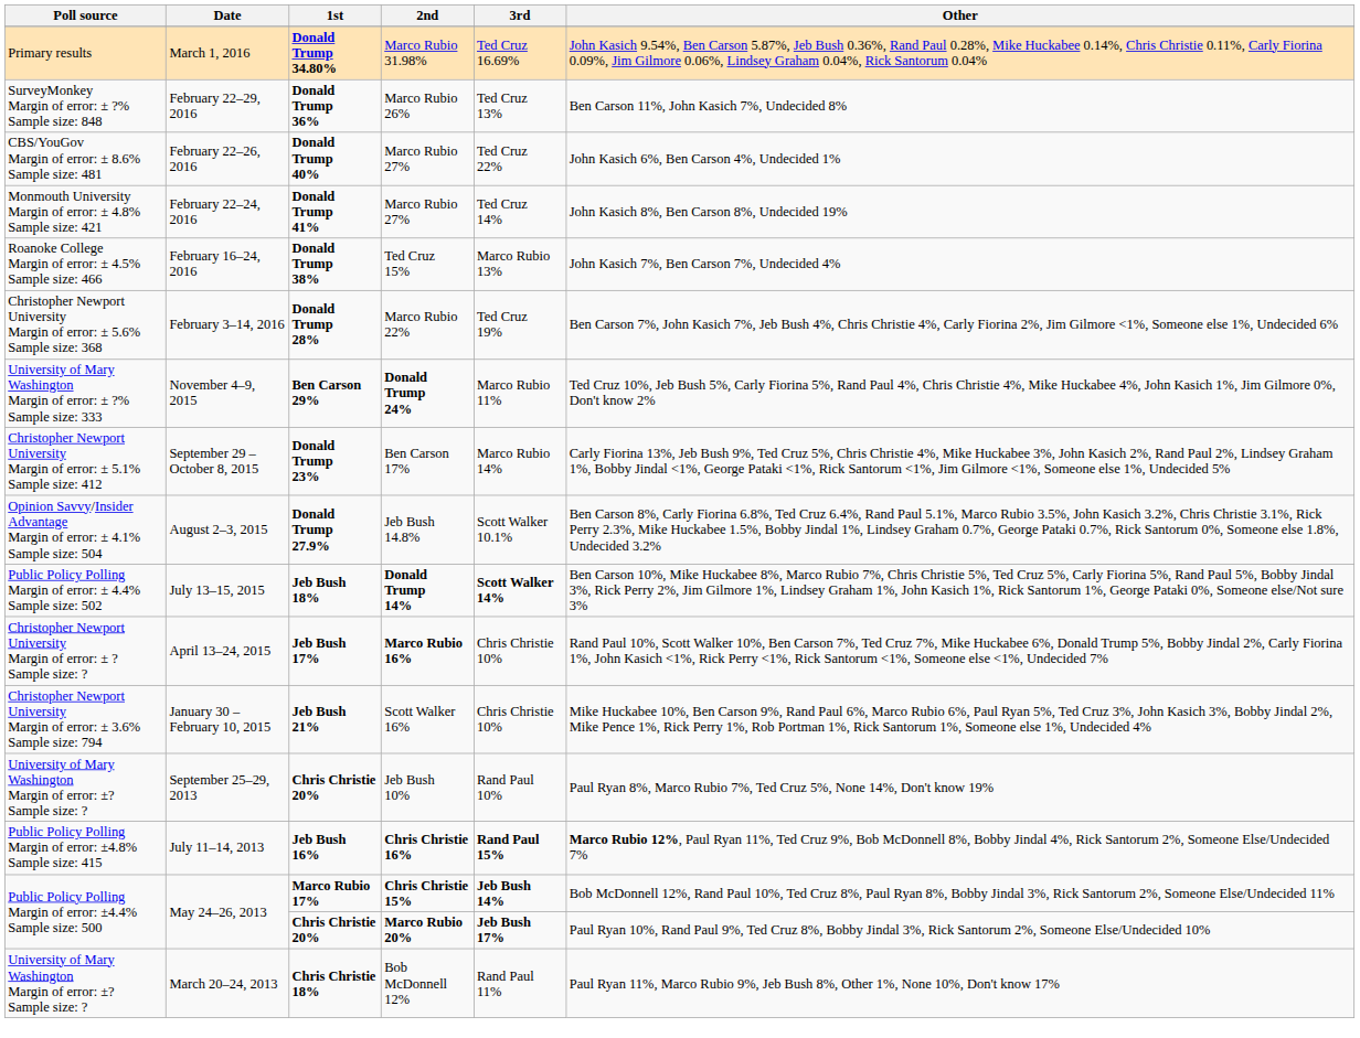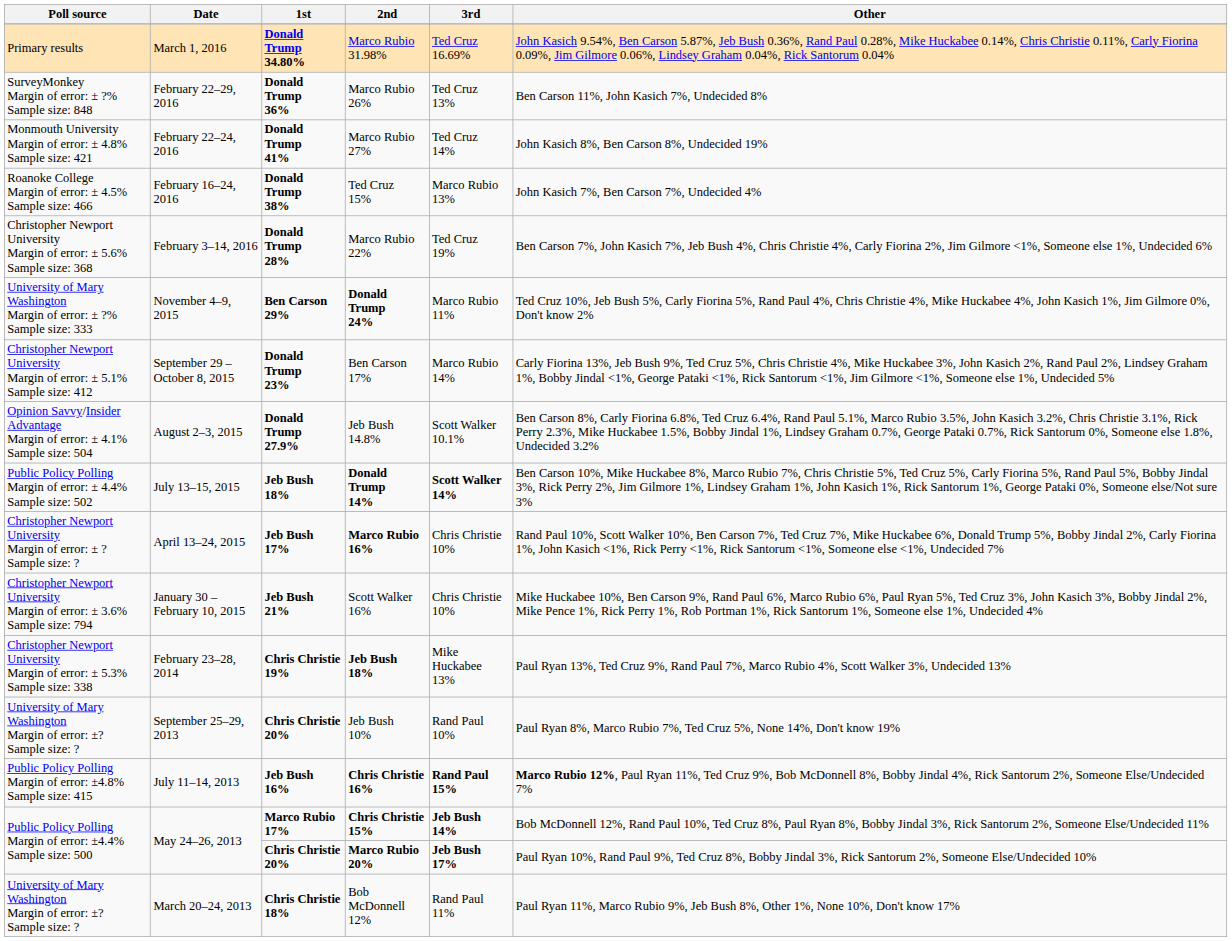 <table class="wikitable">
 <tr>
 <th style="width:180px;">Poll source</th>
 <th style="width:135px;">Date</th>
 <th style="width:100px;">1st</th>
 <th style="width:100px;">2nd</th>
 <th style="width:100px;">3rd</th>
 <th>Other</th>
 </tr>
 <tr>
 </tr>
 <tr style="background:Moccasin;">
 <td>Primary results</td>
 <td>March 1, 2016</td>
 <td><strong><a href='#'>Donald Trump</a><br>34.80%</strong></td>
 <td><a href='#'>Marco Rubio</a><br>31.98%</td>
 <td><a href='#'>Ted Cruz</a><br>16.69%</td>
 <td><a href='#'>John Kasich</a> 9.54%, <a href='#'>Ben Carson</a> 5.87%, <a href='#'>Jeb Bush</a> 0.36%, <a href='#'>Rand Paul</a> 0.28%, <a href='#'>Mike Huckabee</a> 0.14%, <a href='#'>Chris Christie</a> 0.11%, <a href='#'>Carly Fiorina</a> 0.09%, <a href='#'>Jim Gilmore</a> 0.06%, <a href='#'>Lindsey Graham</a> 0.04%, <a href='#'>Rick Santorum</a> 0.04%</td>
 </tr>
 <tr>
 <td>SurveyMonkey<br>Margin of error: ± ?% Sample size: 848</td>
 <td>February 22–29, 2016</td>
 <td><strong>Donald Trump<br>36%</strong></td>
 <td>Marco Rubio<br>26%</td>
 <td>Ted Cruz<br>13%</td>
 <td>Ben Carson 11%, John Kasich 7%, Undecided 8%</td>
-</tr>
-<tr>
-<td>CBS/YouGov<br>Margin of error: ± 8.6% Sample size: 481</td>
-<td>February 22–26, 2016</td>
-<td><strong>Donald Trump<br>40%</strong></td>
-<td>Marco Rubio<br>27%</td>
-<td>Ted Cruz<br>22%</td>
-<td>John Kasich 6%, Ben Carson 4%, Undecided 1%</td>
 </tr>
 <tr>
 <td>Monmouth University<br>Margin of error: ± 4.8% Sample size: 421</td>
 <td>February 22–24, 2016</td>
 <td><strong>Donald Trump<br>41%</strong></td>
 <td>Marco Rubio<br>27%</td>
 <td>Ted Cruz<br>14%</td>
 <td>John Kasich 8%, Ben Carson 8%, Undecided 19%</td>
 </tr>
 <tr>
 <td>Roanoke College<br>Margin of error: ± 4.5% Sample size: 466</td>
 <td>February 16–24, 2016</td>
 <td><strong>Donald Trump<br>38%</strong></td>
 <td>Ted Cruz<br>15%</td>
 <td>Marco Rubio<br>13%</td>
 <td>John Kasich 7%, Ben Carson 7%, Undecided 4%</td>
 </tr>
 <tr>
 <td>Christopher Newport University<br>Margin of error: ± 5.6% <br>Sample size: 368</td>
 <td>February 3–14, 2016</td>
 <td><strong>Donald Trump<br>28%</strong></td>
 <td>Marco Rubio<br>22%</td>
 <td>Ted Cruz<br>19%</td>
 <td>Ben Carson 7%, John Kasich 7%, Jeb Bush 4%, Chris Christie 4%, Carly Fiorina 2%, Jim Gilmore <1%, Someone else 1%, Undecided 6%</td>
 </tr>
 <tr>
 <td><a href='#'>University of Mary Washington</a><br>Margin of error: ± ?% <br>Sample size: 333</td>
 <td>November 4–9, 2015</td>
 <td><strong>Ben Carson<br>29%</strong></td>
 <td><strong>Donald Trump<br>24%</strong></td>
 <td>Marco Rubio<br> 11%</td>
 <td>Ted Cruz 10%, Jeb Bush 5%, Carly Fiorina 5%, Rand Paul 4%, Chris Christie 4%, Mike Huckabee 4%, John Kasich 1%, Jim Gilmore 0%, Don't know 2%</td>
 </tr>
 <tr>
 <td><a href='#'>Christopher Newport University</a><br>Margin of error: ± 5.1% <br>Sample size: 412</td>
 <td>September 29 – October 8, 2015</td>
 <td><strong>Donald Trump<br>23%</strong></td>
 <td>Ben Carson<br>17%</td>
 <td>Marco Rubio<br>14%</td>
 <td>Carly Fiorina 13%, Jeb Bush 9%, Ted Cruz 5%, Chris Christie 4%, Mike Huckabee 3%, John Kasich 2%, Rand Paul 2%, Lindsey Graham 1%, Bobby Jindal <1%, George Pataki <1%, Rick Santorum <1%, Jim Gilmore <1%, Someone else 1%, Undecided 5%</td>
 </tr>
 <tr>
 <td><a href='#'>Opinion Savvy</a>/<a href='#'>Insider Advantage</a><br>Margin of error: ± 4.1% <br>Sample size: 504</td>
 <td>August 2–3, 2015</td>
 <td><strong>Donald Trump<br>27.9%</strong></td>
 <td>Jeb Bush<br>14.8%</td>
 <td>Scott Walker<br>10.1%</td>
 <td>Ben Carson 8%, Carly Fiorina 6.8%, Ted Cruz 6.4%, Rand Paul 5.1%, Marco Rubio 3.5%, John Kasich 3.2%, Chris Christie 3.1%, Rick Perry 2.3%, Mike Huckabee 1.5%, Bobby Jindal 1%, Lindsey Graham 0.7%, George Pataki 0.7%, Rick Santorum 0%, Someone else 1.8%, Undecided 3.2%</td>
 </tr>
 <tr>
 <td><a href='#'>Public Policy Polling</a><br>Margin of error: ± 4.4% <br>Sample size: 502</td>
 <td>July 13–15, 2015</td>
 <td><strong>Jeb Bush<br>18%</strong></td>
 <td><strong>Donald Trump<br>14%</strong></td>
 <td><strong>Scott Walker<br>14%</strong></td>
 <td>Ben Carson 10%, Mike Huckabee 8%, Marco Rubio 7%, Chris Christie 5%, Ted Cruz 5%, Carly Fiorina 5%, Rand Paul 5%, Bobby Jindal 3%, Rick Perry 2%, Jim Gilmore 1%, Lindsey Graham 1%, John Kasich 1%, Rick Santorum 1%, George Pataki 0%, Someone else/Not sure 3%</td>
 </tr>
 <tr>
 <td><a href='#'>Christopher Newport University</a><br>Margin of error: ± ? <br>Sample size: ?</td>
 <td>April 13–24, 2015</td>
 <td><strong>Jeb Bush<br>17%</strong></td>
 <td><strong>Marco Rubio<br>16%</strong></td>
 <td>Chris Christie<br>10%</td>
 <td>Rand Paul 10%, Scott Walker 10%, Ben Carson 7%, Ted Cruz 7%, Mike Huckabee 6%, Donald Trump 5%, Bobby Jindal 2%, Carly Fiorina 1%, John Kasich <1%, Rick Perry <1%, Rick Santorum <1%, Someone else <1%, Undecided 7%</td>
 </tr>
 <tr>
 <td><a href='#'>Christopher Newport University</a><br>Margin of error: ± 3.6% <br>Sample size: 794</td>
 <td>January 30 – February 10, 2015</td>
 <td><strong>Jeb Bush<br>21%</strong></td>
 <td>Scott Walker<br>16%</td>
 <td>Chris Christie<br>10%</td>
 <td>Mike Huckabee 10%, Ben Carson 9%, Rand Paul 6%, Marco Rubio 6%, Paul Ryan 5%, Ted Cruz 3%, John Kasich 3%, Bobby Jindal 2%, Mike Pence 1%, Rick Perry 1%, Rob Portman 1%, Rick Santorum 1%, Someone else 1%, Undecided 4%</td>
 </tr>
 <tr>
+<td><a href='#'>Christopher Newport University</a><br>Margin of error: ± 5.3% <br>Sample size: 338</td>
+<td>February 23–28, 2014</td>
+<td><strong>Chris Christie<br>19%</strong></td>
+<td><strong>Jeb Bush<br>18%</strong></td>
+<td>Mike Huckabee<br>13%</td>
+<td>Paul Ryan 13%, Ted Cruz 9%, Rand Paul 7%, Marco Rubio 4%, Scott Walker 3%, Undecided 13%</td>
+</tr>
+<tr>
 <td><a href='#'>University of Mary Washington</a><br>Margin of error: ±? <br>Sample size: ?</td>
 <td>September 25–29, 2013</td>
 <td><strong>Chris Christie<br>20%</strong></td>
 <td>Jeb Bush<br>10%</td>
 <td>Rand Paul<br>10%</td>
 <td>Paul Ryan 8%, Marco Rubio 7%, Ted Cruz 5%, None 14%, Don't know 19%</td>
 </tr>
 <tr>
 <td><a href='#'>Public Policy Polling</a><br>Margin of error: ±4.8% <br>Sample size: 415</td>
 <td>July 11–14, 2013</td>
 <td><strong>Jeb Bush<br>16%</strong></td>
 <td><strong>Chris Christie<br>16%</strong></td>
 <td><strong>Rand Paul<br>15%</strong></td>
 <td><span><strong>Marco Rubio 12%</strong></span>, Paul Ryan 11%, Ted Cruz 9%, Bob McDonnell 8%, Bobby Jindal 4%, Rick Santorum 2%, Someone Else/Undecided 7%</td>
 </tr>
 <tr>
 <td rowspan=2><a href='#'>Public Policy Polling</a><br>Margin of error: ±4.4% <br>Sample size: 500</td>
 <td rowspan=2>May 24–26, 2013</td>
 <td><strong>Marco Rubio<br>17%</strong></td>
 <td><strong>Chris Christie<br>15%</strong></td>
 <td><strong>Jeb Bush<br>14%</strong></td>
 <td>Bob McDonnell 12%, Rand Paul 10%, Ted Cruz 8%, Paul Ryan 8%, Bobby Jindal 3%, Rick Santorum 2%, Someone Else/Undecided 11%</td>
 </tr>
 <tr>
 <td><strong>Chris Christie<br>20%</strong></td>
 <td><strong>Marco Rubio<br>20%</strong></td>
 <td><strong>Jeb Bush<br>17%</strong></td>
 <td>Paul Ryan 10%, Rand Paul 9%, Ted Cruz 8%, Bobby Jindal 3%, Rick Santorum 2%, Someone Else/Undecided 10%</td>
 </tr>
 <tr>
 <td><a href='#'>University of Mary Washington</a><br>Margin of error: ±? <br>Sample size: ?</td>
 <td>March 20–24, 2013</td>
 <td><strong>Chris Christie<br>18%</strong></td>
 <td>Bob McDonnell<br>12%</td>
 <td>Rand Paul<br>11%</td>
 <td>Paul Ryan 11%, Marco Rubio 9%, Jeb Bush 8%, Other 1%, None 10%, Don't know 17%</td>
 </tr>
 </table>
